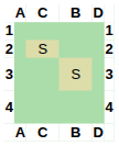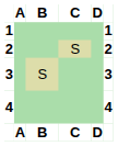 <table style="text-align:center;border-spacing:0px;background:#ada;">
 <tr style="background:#fff;">
 <th> </th>
 <th>A</th>
+<th>B</th>
 <th>C</th>
-<th>B</th>
 <th>D</th>
 <th> </th>
 </tr>
 <tr>
 <th style="background:#fff;">1</th>
 <td></td>
 <td></td>
 <td></td>
 <td></td>
 <th style="background:#fff;">1</th>
 </tr>
 <tr>
 <th style="background:#fff;">2</th>
 <td></td>
+<td></td>
 <td style="width:35px;background:#dda;">S</td>
-<td></td>
 <td></td>
 <th style="background:#fff;">2</th>
 </tr>
 <tr>
 <th style="background:#fff;height:35px;">3</th>
 <td></td>
+<td style="width:35px;background:#dda;">S</td>
 <td></td>
-<td style="width:35px;background:#dda;">S</td>
 <td></td>
 <th style="background:#fff;">3</th>
 </tr>
 <tr>
 <th style="background:#fff;height:35px;">4</th>
 <td></td>
 <td></td>
 <td></td>
 <td></td>
 <th style="background:#fff;">4</th>
 </tr>
 <tr style="background:#fff;">
 <th> </th>
 <th>A</th>
+<th>B</th>
 <th>C</th>
-<th>B</th>
 <th>D</th>
 <th> </th>
 </tr>
 </table>
